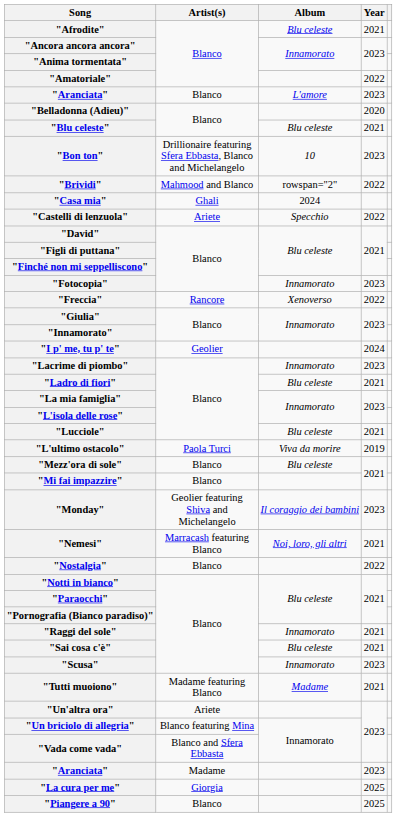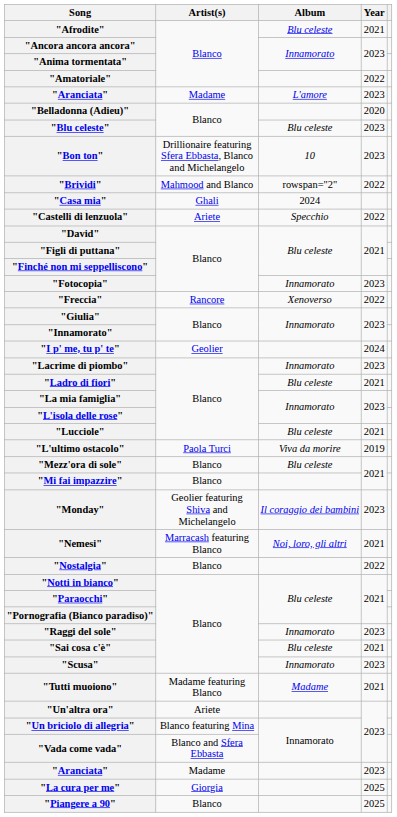 <table class="wikitable sortable plainrowheaders" style="text-align:center;">
 <tr>
 <th scope="col">Song</th>
 <th scope="col" width="150">Artist(s)</th>
 <th scope="col">Album</th>
 <th scope="col">Year</th>
 <th scope="col" class="unsortable"></th>
 </tr>
 <tr>
 <th scope="row">"Afrodite"</th>
 <td rowspan="4"><a href='#'>Blanco</a></td>
 <td><em><a href='#'>Blu celeste</a></em></td>
 <td>2021</td>
 <td></td>
 </tr>
 <tr>
 <th scope="row">"Ancora ancora ancora"</th>
 <td rowspan="2"><em><a href='#'>Innamorato</a></em></td>
 <td rowspan="2">2023</td>
 <td></td>
 </tr>
 <tr>
 <th scope="row">"Anima tormentata"</th>
 <td></td>
 </tr>
 <tr>
 <th scope="row">"Amatoriale"</th>
 <td></td>
 <td>2022</td>
 <td></td>
 </tr>
 <tr>
 <th scope="row">"<a href='#'>Aranciata</a>"</th>
-<td>Blanco</td>
+<td><a href='#'>Madame</a></td>
 <td><em><a href='#'>L'amore</a></em></td>
 <td>2023</td>
 <td></td>
 </tr>
 <tr>
 <th scope="row">"Belladonna (Adieu)"</th>
 <td rowspan="2">Blanco</td>
 <td></td>
 <td>2020</td>
 <td></td>
 </tr>
 <tr>
 <th scope="row">"<a href='#'>Blu celeste</a>"</th>
 <td><em>Blu celeste</em></td>
-<td>2021</td>
+<td>2023</td>
 <td></td>
 </tr>
 <tr>
 <th scope="row">"<a href='#'>Bon ton</a>"</th>
 <td>Drillionaire featuring <a href='#'>Sfera Ebbasta</a>, Blanco and Michelangelo</td>
 <td><em>10</em></td>
 <td>2023</td>
 <td></td>
 </tr>
 <tr>
 <th scope="row">"<a href='#'>Brividi</a>"</th>
 <td><a href='#'>Mahmood</a> and Blanco</td>
 <td>rowspan="2" </td>
 <td>2022</td>
 <td></td>
 </tr>
 <tr>
 <th scope="row">"<a href='#'>Casa mia</a>"</th>
 <td><a href='#'>Ghali</a></td>
 <td>2024</td>
 <td></td>
 </tr>
 <tr>
 <th scope="row">"Castelli di lenzuola"</th>
 <td><a href='#'>Ariete</a></td>
 <td><em>Specchio</em></td>
 <td>2022</td>
 <td></td>
 </tr>
 <tr>
 <th scope="row">"David"</th>
 <td rowspan="4">Blanco</td>
 <td rowspan="3"><em>Blu celeste</em></td>
 <td rowspan="3">2021</td>
 <td></td>
 </tr>
 <tr>
 <th scope="row">"Figli di puttana"</th>
 <td></td>
 </tr>
 <tr>
 <th scope="row">"<a href='#'>Finché non mi seppelliscono</a>"</th>
 <td></td>
 </tr>
 <tr>
 <th scope="row">"Fotocopia"</th>
 <td><em>Innamorato</em></td>
 <td>2023</td>
 <td></td>
 </tr>
 <tr>
 <th scope="row">"Freccia"</th>
 <td><a href='#'>Rancore</a></td>
 <td><em>Xenoverso</em></td>
 <td>2022</td>
 <td></td>
 </tr>
 <tr>
 <th scope="row">"Giulia"</th>
 <td rowspan="2">Blanco</td>
 <td rowspan="2"><em>Innamorato</em></td>
 <td rowspan="2">2023</td>
 <td></td>
 </tr>
 <tr>
 <th scope="row">"Innamorato"</th>
 <td></td>
 </tr>
 <tr>
 <th scope="row">"<a href='#'>I p' me, tu p' te</a>"</th>
 <td><a href='#'>Geolier</a></td>
 <td></td>
 <td>2024</td>
 <td></td>
 </tr>
 <tr>
 <th scope="row">"Lacrime di piombo"</th>
 <td rowspan="5">Blanco</td>
 <td><em>Innamorato</em></td>
 <td>2023</td>
 <td></td>
 </tr>
 <tr>
 <th scope="row">"<a href='#'>Ladro di fiori</a>"</th>
 <td><em>Blu celeste</em></td>
 <td>2021</td>
 <td></td>
 </tr>
 <tr>
 <th scope="row">"La mia famiglia"</th>
 <td rowspan="2"><em>Innamorato</em></td>
 <td rowspan="2">2023</td>
 <td></td>
 </tr>
 <tr>
 <th scope="row">"<a href='#'>L'isola delle rose</a>"</th>
 <td></td>
 </tr>
 <tr>
 <th scope="row">"Lucciole"</th>
 <td><em>Blu celeste</em></td>
 <td>2021</td>
 <td></td>
 </tr>
 <tr>
 <th scope="row">"L'ultimo ostacolo"</th>
 <td><a href='#'>Paola Turci</a></td>
 <td><em>Viva da morire</em></td>
 <td>2019</td>
 <td></td>
 </tr>
 <tr>
 <th scope="row">"Mezz'ora di sole"</th>
 <td>Blanco</td>
 <td><em>Blu celeste</em></td>
 <td rowspan="2">2021</td>
 <td></td>
 </tr>
 <tr>
 <th scope="row">"<a href='#'>Mi fai impazzire</a>"</th>
 <td>Blanco</td>
 <td></td>
 <td></td>
 </tr>
 <tr>
 <th scope="row">"Monday"</th>
 <td>Geolier featuring <a href='#'>Shiva</a> and Michelangelo</td>
 <td><em><a href='#'>Il coraggio dei bambini</a></em></td>
 <td>2023</td>
 <td></td>
 </tr>
 <tr>
 <th scope="row">"Nemesi"</th>
 <td><a href='#'>Marracash</a> featuring Blanco</td>
 <td><em><a href='#'>Noi, loro, gli altri</a></em></td>
 <td>2021</td>
 <td></td>
 </tr>
 <tr>
 <th scope="row">"<a href='#'>Nostalgia</a>"</th>
 <td>Blanco</td>
 <td></td>
 <td>2022</td>
 <td></td>
 </tr>
 <tr>
 <th scope="row">"<a href='#'>Notti in bianco</a>"</th>
 <td rowspan="6">Blanco</td>
 <td rowspan="3"><em>Blu celeste</em></td>
 <td rowspan="3">2021</td>
 <td></td>
 </tr>
 <tr>
 <th scope="row">"<a href='#'>Paraocchi</a>"</th>
 <td></td>
 </tr>
 <tr>
 <th scope="row">"Pornografia (Bianco paradiso)"</th>
 <td></td>
 </tr>
 <tr>
 <th scope="row">"Raggi del sole"</th>
 <td><em>Innamorato</em></td>
-<td>2021</td>
+<td>2023</td>
 <td></td>
 </tr>
 <tr>
 <th scope="row">"Sai cosa c'è"</th>
 <td><em>Blu celeste</em></td>
 <td>2021</td>
 <td></td>
 </tr>
 <tr>
 <th scope="row">"Scusa"</th>
 <td><em>Innamorato</em></td>
 <td>2023</td>
 <td></td>
 </tr>
 <tr>
 <th scope="row">"Tutti muoiono"</th>
 <td>Madame featuring Blanco</td>
 <td><em><a href='#'>Madame</a></td>
 <td>2021</td>
 <td></td>
 </tr>
 <tr>
 <th scope="row">"Un'altra ora"</th>
 <td>Ariete</td>
 <td></td>
 <td rowspan="3">2023</td>
 <td></td>
 </tr>
 <tr>
 <th scope="row">"<a href='#'>Un briciolo di allegria</a>"</th>
 <td>Blanco featuring <a href='#'>Mina</a></td>
 <td rowspan="2"></em>Innamorato<em></td>
 <td></td>
 </tr>
 <tr>
 <th scope="row">"Vada come vada"</th>
 <td>Blanco and <a href='#'>Sfera Ebbasta</a></td>
 <td></td>
 </tr>
 <tr>
 <th scope="row">"<a href='#'>Aranciata</a>"</th>
 <td>Madame</td>
 <td></td>
 <td>2023</td>
 <td></td>
 </tr>
 <tr>
 <th scope="row">"<a href='#'>La cura per me</a>"</th>
 <td><a href='#'>Giorgia</a></td>
 <td></td>
 <td>2025</td>
 <td></td>
 </tr>
 <tr>
 <th scope="row">"<a href='#'>Piangere a 90</a>"</th>
 <td>Blanco</td>
 <td></td>
 <td>2025</td>
 <td></td>
 </tr>
 </table>
